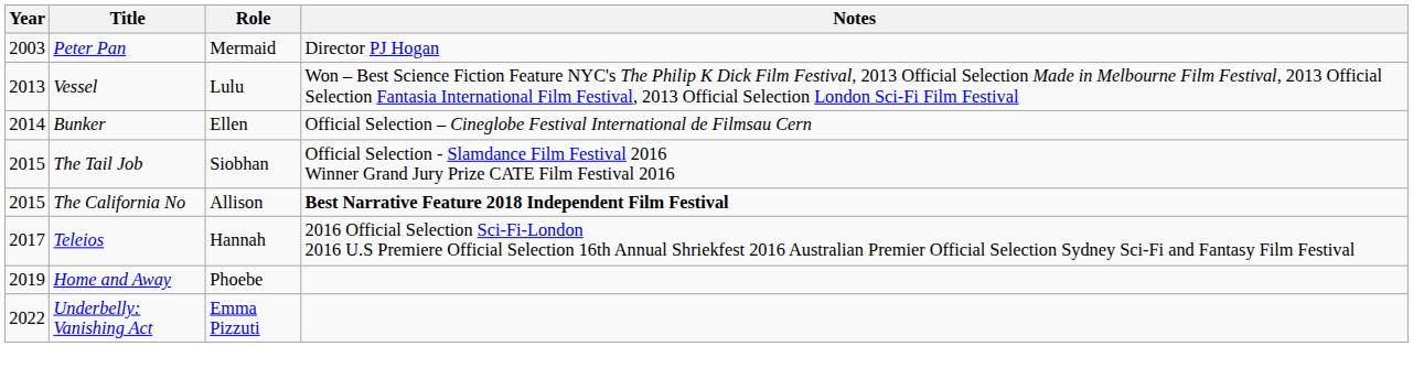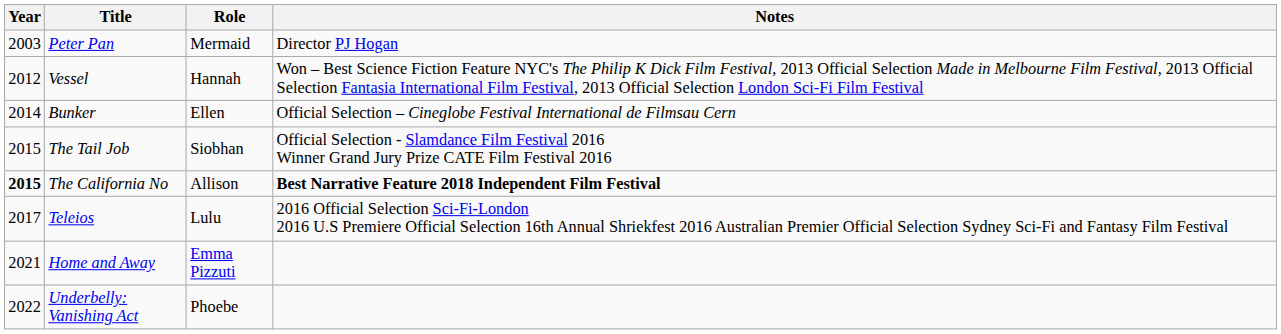 <table class="wikitable sortable">
 <tr>
 <th>Year</th>
 <th>Title</th>
 <th>Role</th>
 <th class="unsortable">Notes</th>
 </tr>
 <tr>
 <td>2003</td>
 <td><em><a href='#'>Peter Pan</a></em></td>
 <td>Mermaid</td>
 <td>Director <a href='#'>PJ Hogan</a></td>
 </tr>
 <tr>
-<td>2013</td>
+<td>2012</td>
 <td><em>Vessel</em></td>
-<td>Lulu</td>
+<td>Hannah</td>
 <td>Won – Best Science Fiction Feature NYC's <em>The Philip K Dick Film Festival</em>, 2013 Official Selection <em>Made in Melbourne Film Festival</em>, 2013 Official Selection <a href='#'>Fantasia International Film Festival</a>, 2013 Official Selection <a href='#'>London Sci-Fi Film Festival</a></td>
 </tr>
 <tr>
 <td>2014</td>
 <td><em>Bunker</em></td>
 <td>Ellen</td>
 <td>Official Selection – <em>Cineglobe Festival International de Filmsau Cern</em></td>
 </tr>
 <tr>
 <td>2015</td>
 <td><em>The Tail Job</em></td>
 <td>Siobhan</td>
 <td>Official Selection - <a href='#'>Slamdance Film Festival</a> 2016 <br>Winner Grand Jury Prize CATE Film Festival 2016</td>
 </tr>
 <tr>
-<td>2015</td>
+<td><strong>2015</strong></td>
 <td><em>The California No</em></td>
 <td>Allison</td>
 <td><strong>Best Narrative Feature 2018 Independent Film Festival</strong></td>
 </tr>
 <tr>
 <td>2017</td>
 <td><em><a href='#'>Teleios</a></em></td>
-<td>Hannah</td>
+<td>Lulu</td>
 <td>2016 Official Selection <a href='#'>Sci-Fi-London</a><br>2016 U.S Premiere Official Selection 16th Annual Shriekfest  2016 Australian Premier Official Selection Sydney Sci-Fi and Fantasy Film Festival</td>
 </tr>
 <tr>
-<td>2019</td>
+<td>2021</td>
 <td><em><a href='#'>Home and Away</a></em></td>
-<td>Phoebe</td>
+<td><a href='#'>Emma Pizzuti</a></td>
 <td></td>
 </tr>
 <tr>
 <td>2022</td>
 <td><em><a href='#'>Underbelly: Vanishing Act</a></em></td>
-<td><a href='#'>Emma Pizzuti</a></td>
+<td>Phoebe</td>
 <td></td>
 </tr>
 </table>
